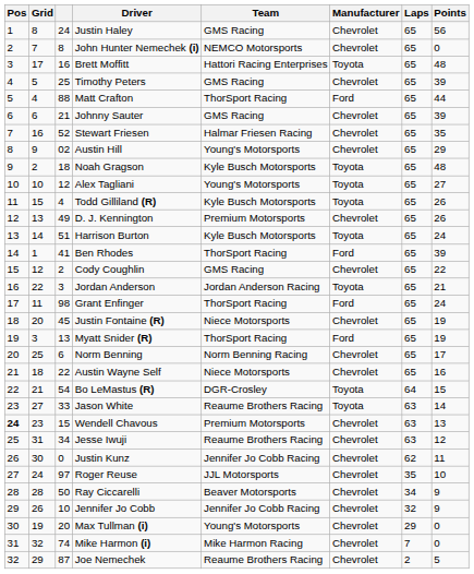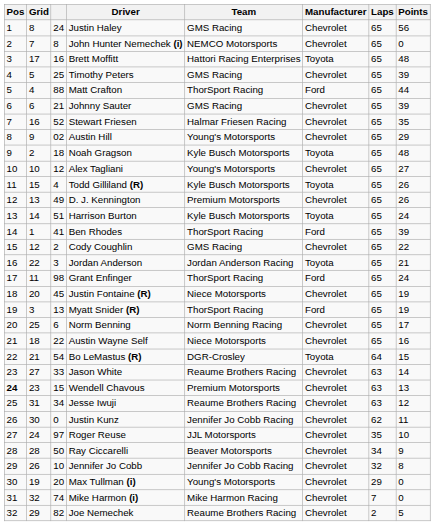 <table class="wikitable" style="font-size:98%">
 <tr>
 <th>Pos</th>
 <th>Grid</th>
 <th></th>
 <th>Driver</th>
 <th>Team</th>
 <th>Manufacturer</th>
 <th>Laps</th>
 <th>Points</th>
 </tr>
 <tr>
 <td>1</td>
 <td>8</td>
 <td>24</td>
 <td>Justin Haley</td>
 <td>GMS Racing</td>
 <td>Chevrolet</td>
 <td>65</td>
 <td>56</td>
 </tr>
 <tr>
 <td>2</td>
 <td>7</td>
 <td>8</td>
 <td>John Hunter Nemechek <strong>(i)</strong></td>
 <td>NEMCO Motorsports</td>
 <td>Chevrolet</td>
 <td>65</td>
 <td>0</td>
 </tr>
 <tr>
 <td>3</td>
 <td>17</td>
 <td>16</td>
 <td>Brett Moffitt</td>
 <td>Hattori Racing Enterprises</td>
 <td>Toyota</td>
 <td>65</td>
 <td>48</td>
 </tr>
 <tr>
 <td>4</td>
 <td>5</td>
 <td>25</td>
 <td>Timothy Peters</td>
 <td>GMS Racing</td>
 <td>Chevrolet</td>
 <td>65</td>
 <td>39</td>
 </tr>
 <tr>
 <td>5</td>
 <td>4</td>
 <td>88</td>
 <td>Matt Crafton</td>
 <td>ThorSport Racing</td>
 <td>Ford</td>
 <td>65</td>
 <td>44</td>
 </tr>
 <tr>
 <td>6</td>
 <td>6</td>
 <td>21</td>
 <td>Johnny Sauter</td>
 <td>GMS Racing</td>
 <td>Chevrolet</td>
 <td>65</td>
 <td>39</td>
 </tr>
 <tr>
 <td>7</td>
 <td>16</td>
 <td>52</td>
 <td>Stewart Friesen</td>
 <td>Halmar Friesen Racing</td>
 <td>Chevrolet</td>
 <td>65</td>
 <td>35</td>
 </tr>
 <tr>
 <td>8</td>
 <td>9</td>
 <td>02</td>
 <td>Austin Hill</td>
 <td>Young's Motorsports</td>
 <td>Chevrolet</td>
 <td>65</td>
 <td>29</td>
 </tr>
 <tr>
 <td>9</td>
 <td>2</td>
 <td>18</td>
 <td>Noah Gragson</td>
 <td>Kyle Busch Motorsports</td>
 <td>Toyota</td>
 <td>65</td>
 <td>48</td>
 </tr>
 <tr>
 <td>10</td>
 <td>10</td>
 <td>12</td>
 <td>Alex Tagliani</td>
 <td>Young's Motorsports</td>
-<td>Toyota</td>
+<td>Chevrolet</td>
 <td>65</td>
 <td>27</td>
 </tr>
 <tr>
 <td>11</td>
 <td>15</td>
 <td>4</td>
 <td>Todd Gilliland <strong>(R)</strong></td>
 <td>Kyle Busch Motorsports</td>
 <td>Toyota</td>
 <td>65</td>
 <td>26</td>
 </tr>
 <tr>
 <td>12</td>
 <td>13</td>
 <td>49</td>
 <td>D. J. Kennington</td>
 <td>Premium Motorsports</td>
 <td>Chevrolet</td>
 <td>65</td>
 <td>26</td>
 </tr>
 <tr>
 <td>13</td>
 <td>14</td>
 <td>51</td>
 <td>Harrison Burton</td>
 <td>Kyle Busch Motorsports</td>
 <td>Toyota</td>
 <td>65</td>
 <td>24</td>
 </tr>
 <tr>
 <td>14</td>
 <td>1</td>
 <td>41</td>
 <td>Ben Rhodes</td>
 <td>ThorSport Racing</td>
 <td>Ford</td>
 <td>65</td>
 <td>39</td>
 </tr>
 <tr>
 <td>15</td>
 <td>12</td>
 <td>2</td>
 <td>Cody Coughlin</td>
 <td>GMS Racing</td>
 <td>Chevrolet</td>
 <td>65</td>
 <td>22</td>
 </tr>
 <tr>
 <td>16</td>
 <td>22</td>
 <td>3</td>
 <td>Jordan Anderson</td>
 <td>Jordan Anderson Racing</td>
 <td>Toyota</td>
 <td>65</td>
 <td>21</td>
 </tr>
 <tr>
 <td>17</td>
 <td>11</td>
 <td>98</td>
 <td>Grant Enfinger</td>
 <td>ThorSport Racing</td>
 <td>Ford</td>
 <td>65</td>
 <td>24</td>
 </tr>
 <tr>
 <td>18</td>
 <td>20</td>
 <td>45</td>
 <td>Justin Fontaine <strong>(R)</strong></td>
 <td>Niece Motorsports</td>
 <td>Chevrolet</td>
 <td>65</td>
 <td>19</td>
 </tr>
 <tr>
 <td>19</td>
 <td>3</td>
 <td>13</td>
 <td>Myatt Snider <strong>(R)</strong></td>
 <td>ThorSport Racing</td>
 <td>Ford</td>
 <td>65</td>
 <td>19</td>
 </tr>
 <tr>
 <td>20</td>
 <td>25</td>
 <td>6</td>
 <td>Norm Benning</td>
 <td>Norm Benning Racing</td>
 <td>Chevrolet</td>
 <td>65</td>
 <td>17</td>
 </tr>
 <tr>
 <td>21</td>
 <td>18</td>
 <td>22</td>
 <td>Austin Wayne Self</td>
 <td>Niece Motorsports</td>
 <td>Chevrolet</td>
 <td>65</td>
 <td>16</td>
 </tr>
 <tr>
 <td>22</td>
 <td>21</td>
 <td>54</td>
 <td>Bo LeMastus <strong>(R)</strong></td>
 <td>DGR-Crosley</td>
 <td>Toyota</td>
 <td>64</td>
 <td>15</td>
 </tr>
 <tr>
 <td>23</td>
 <td>27</td>
 <td>33</td>
 <td>Jason White</td>
 <td>Reaume Brothers Racing</td>
-<td>Toyota</td>
+<td>Chevrolet</td>
 <td>63</td>
 <td>14</td>
 </tr>
 <tr>
 <td><strong>24</strong></td>
 <td>23</td>
 <td>15</td>
 <td>Wendell Chavous</td>
 <td>Premium Motorsports</td>
 <td>Chevrolet</td>
 <td>63</td>
 <td>13</td>
 </tr>
 <tr>
 <td>25</td>
 <td>31</td>
 <td>34</td>
 <td>Jesse Iwuji</td>
 <td>Reaume Brothers Racing</td>
 <td>Chevrolet</td>
 <td>63</td>
 <td>12</td>
 </tr>
 <tr>
 <td>26</td>
 <td>30</td>
 <td>0</td>
 <td>Justin Kunz</td>
 <td>Jennifer Jo Cobb Racing</td>
 <td>Chevrolet</td>
 <td>62</td>
 <td>11</td>
 </tr>
 <tr>
 <td>27</td>
 <td>24</td>
 <td>97</td>
 <td>Roger Reuse</td>
 <td>JJL Motorsports</td>
 <td>Chevrolet</td>
 <td>35</td>
 <td>10</td>
 </tr>
 <tr>
 <td>28</td>
 <td>28</td>
 <td>50</td>
 <td>Ray Ciccarelli</td>
 <td>Beaver Motorsports</td>
 <td>Chevrolet</td>
 <td>34</td>
 <td>9</td>
 </tr>
 <tr>
 <td>29</td>
 <td>26</td>
 <td>10</td>
 <td>Jennifer Jo Cobb</td>
 <td>Jennifer Jo Cobb Racing</td>
 <td>Chevrolet</td>
 <td>32</td>
-<td>9</td>
+<td>8</td>
 </tr>
 <tr>
 <td>30</td>
 <td>19</td>
 <td>20</td>
 <td>Max Tullman <strong>(i)</strong></td>
 <td>Young's Motorsports</td>
 <td>Chevrolet</td>
 <td>29</td>
 <td>0</td>
 </tr>
 <tr>
 <td>31</td>
 <td>32</td>
 <td>74</td>
 <td>Mike Harmon <strong>(i)</strong></td>
 <td>Mike Harmon Racing</td>
 <td>Chevrolet</td>
 <td>7</td>
 <td>0</td>
 </tr>
 <tr>
 <td>32</td>
 <td>29</td>
-<td>87</td>
+<td>82</td>
 <td>Joe Nemechek</td>
 <td>Reaume Brothers Racing</td>
 <td>Chevrolet</td>
 <td>2</td>
 <td>5</td>
 </tr>
 </table>
